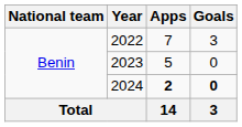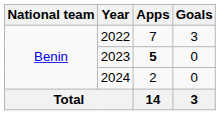 <table class=wikitable style=text-align:center>
 <tr>
 <th>National team</th>
 <th>Year</th>
 <th>Apps</th>
 <th>Goals</th>
 </tr>
 <tr>
 <td rowspan="3"><a href='#'>Benin</a></td>
 <td>2022</td>
 <td>7</td>
 <td>3</td>
 </tr>
 <tr>
 <td>2023</td>
-<td>5</td>
+<td><strong>5</strong></td>
 <td>0</td>
 </tr>
 <tr>
 <td>2024</td>
-<td><strong>2</strong></td>
-<td><strong>0</strong></td>
+<td>2</td>
+<td>0</td>
 </tr>
 <tr>
 <th colspan="2">Total</th>
 <th>14</th>
 <th>3</th>
 </tr>
 </table>
